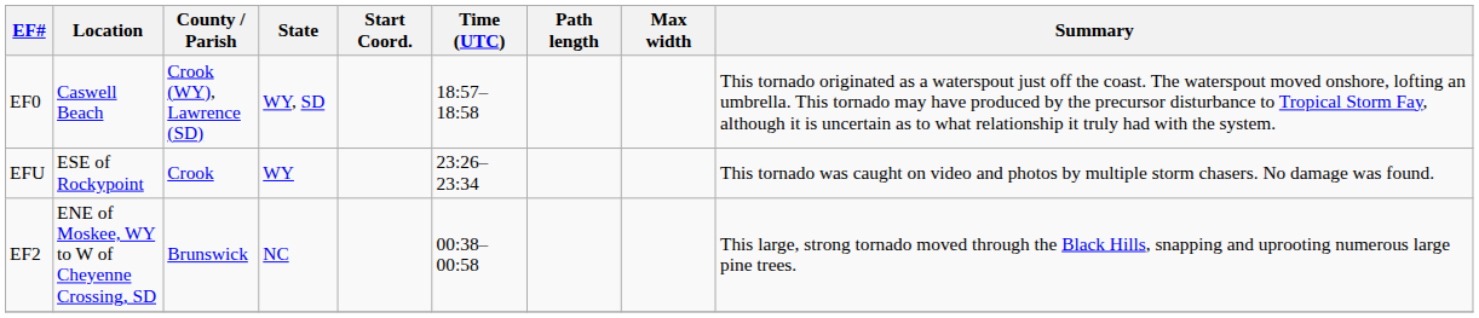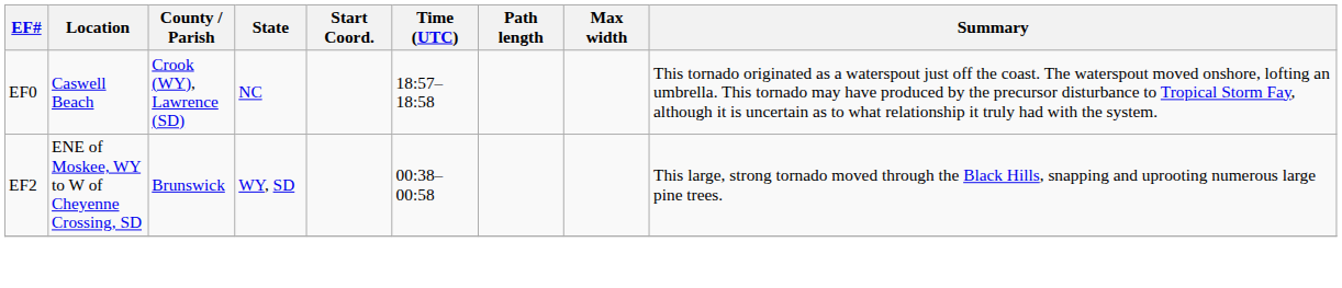 <table class="wikitable sortable" style="width:100%;">
 <tr>
 <th scope="col"  style="width:3%; text-align:center;"><a href='#'>EF#</a></th>
 <th scope="col"  style="width:7%; text-align:center;" class="unsortable">Location</th>
 <th scope="col"  style="width:6%; text-align:center;" class="unsortable">County / Parish</th>
 <th scope="col"  style="width:5%; text-align:center;">State</th>
 <th scope="col"  style="width:6%; text-align:center;">Start Coord.</th>
 <th scope="col"  style="width:6%; text-align:center;">Time (<a href='#'>UTC</a>)</th>
 <th scope="col"  style="width:6%; text-align:center;">Path length</th>
 <th scope="col"  style="width:6%; text-align:center;">Max width</th>
 <th scope="col" class="unsortable" style="width:48%; text-align:center;">Summary</th>
 </tr>
 <tr>
 <td>EF0</td>
 <td><a href='#'>Caswell Beach</a></td>
 <td><a href='#'>Crook (WY)</a>, <a href='#'>Lawrence (SD)</a></td>
-<td><a href='#'>WY</a>, <a href='#'>SD</a></td>
+<td><a href='#'>NC</a></td>
 <td></td>
 <td>18:57–18:58</td>
 <td></td>
 <td></td>
 <td>This tornado originated as a waterspout just off the coast. The waterspout moved onshore, lofting an umbrella. This tornado may have produced by the precursor disturbance to <a href='#'>Tropical Storm Fay</a>, although it is uncertain as to what relationship it truly had with the system.</td>
 </tr>
 <tr>
-<td>EFU</td>
-<td>ESE of <a href='#'>Rockypoint</a></td>
-<td><a href='#'>Crook</a></td>
-<td><a href='#'>WY</a></td>
-<td></td>
-<td>23:26–23:34</td>
-<td></td>
-<td></td>
-<td>This tornado was caught on video and photos by multiple storm chasers. No damage was found.</td>
-</tr>
-<tr>
 <td>EF2</td>
 <td>ENE of <a href='#'>Moskee, WY</a> to W of <a href='#'>Cheyenne Crossing, SD</a></td>
 <td><a href='#'>Brunswick</a></td>
-<td><a href='#'>NC</a></td>
+<td><a href='#'>WY</a>, <a href='#'>SD</a></td>
 <td></td>
 <td>00:38–00:58</td>
 <td></td>
 <td></td>
 <td>This large, strong tornado moved through the <a href='#'>Black Hills</a>, snapping and uprooting numerous large pine trees.</td>
 </tr>
 <tr>
 </tr>
 </table>
